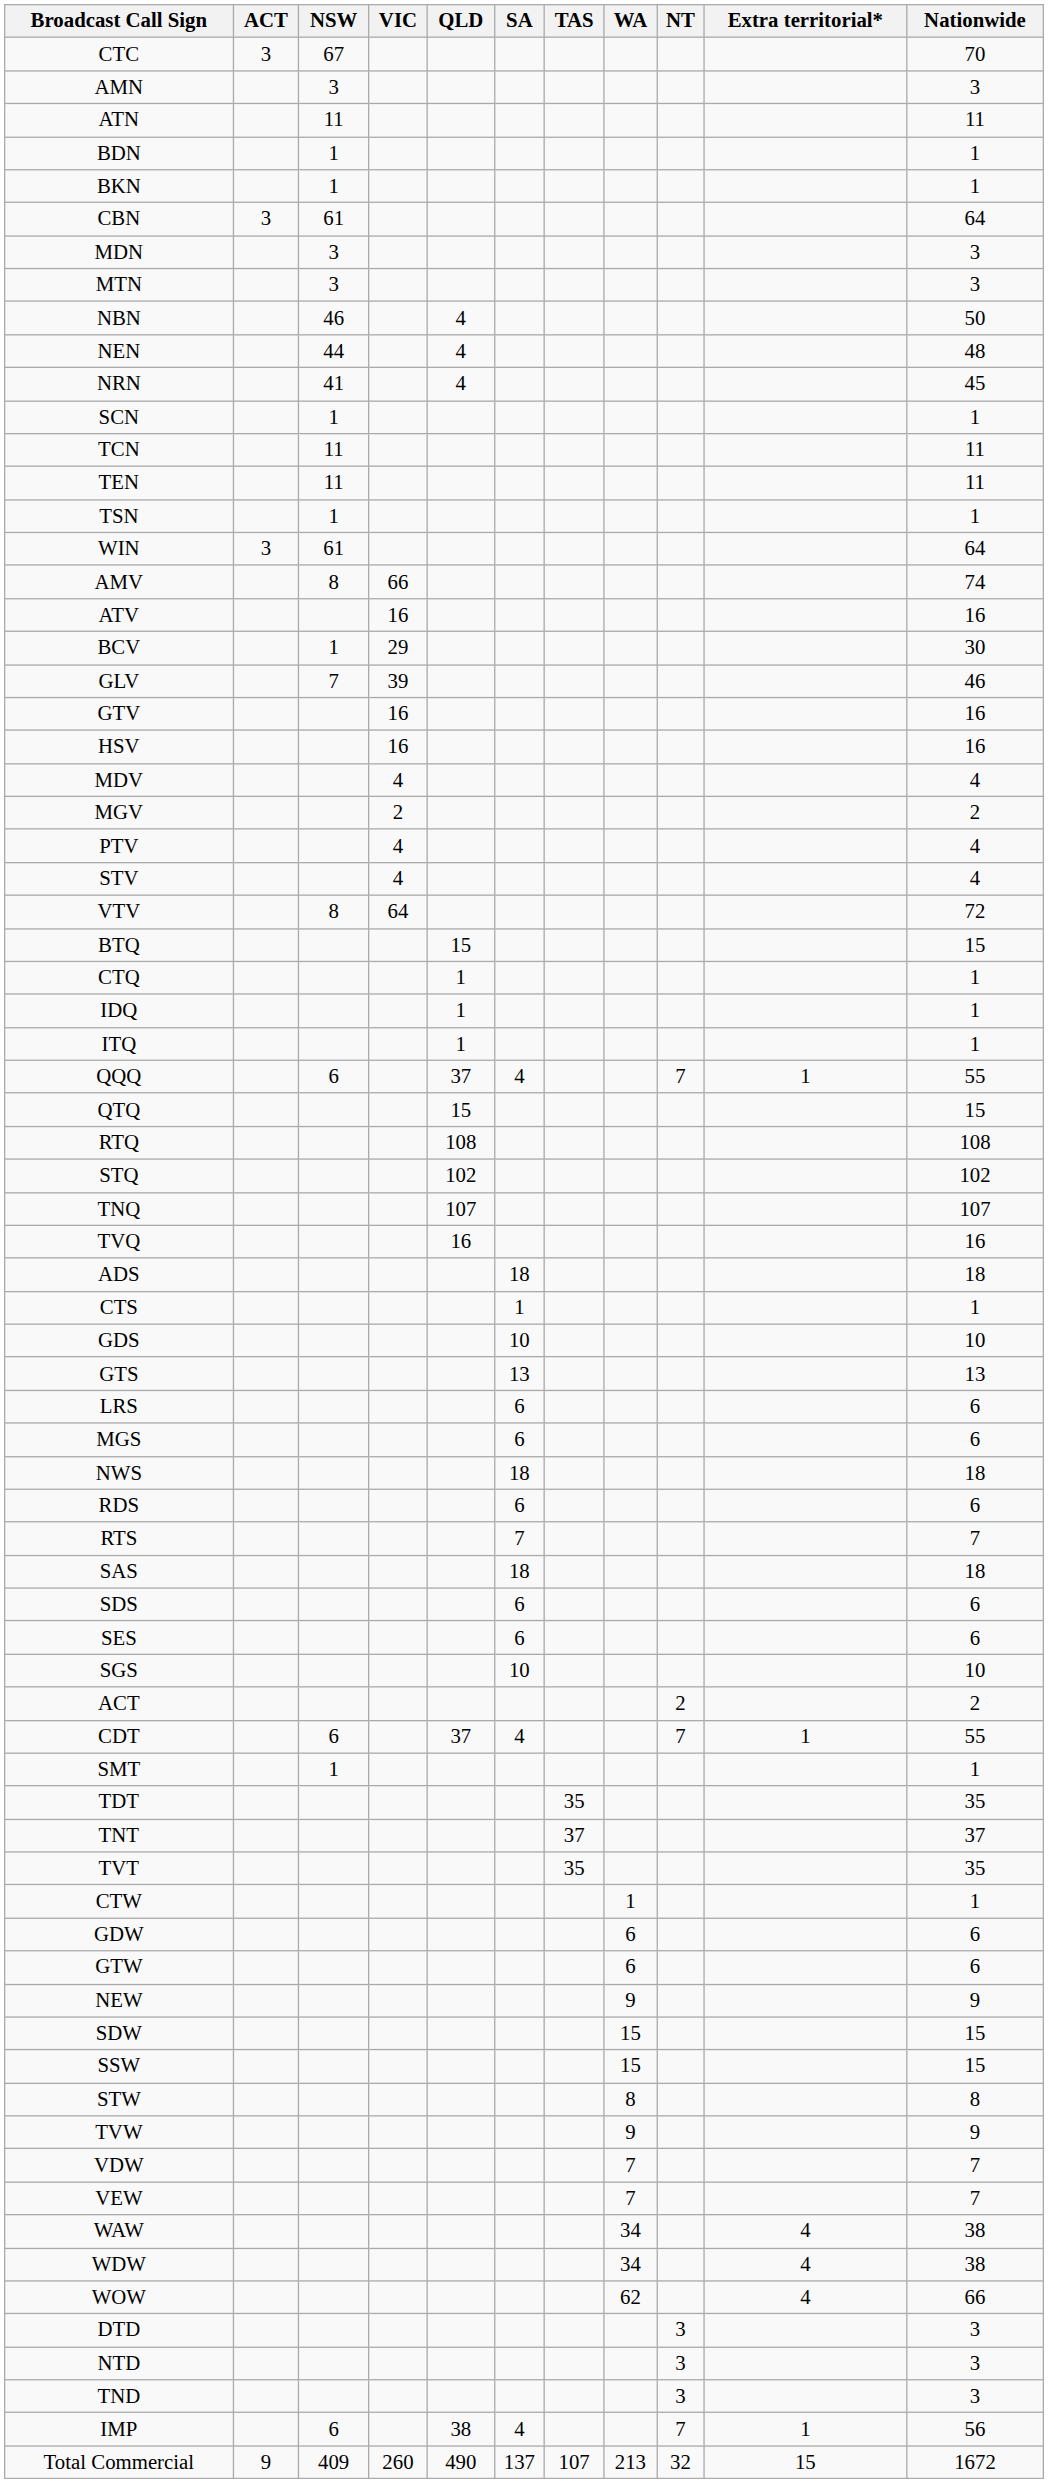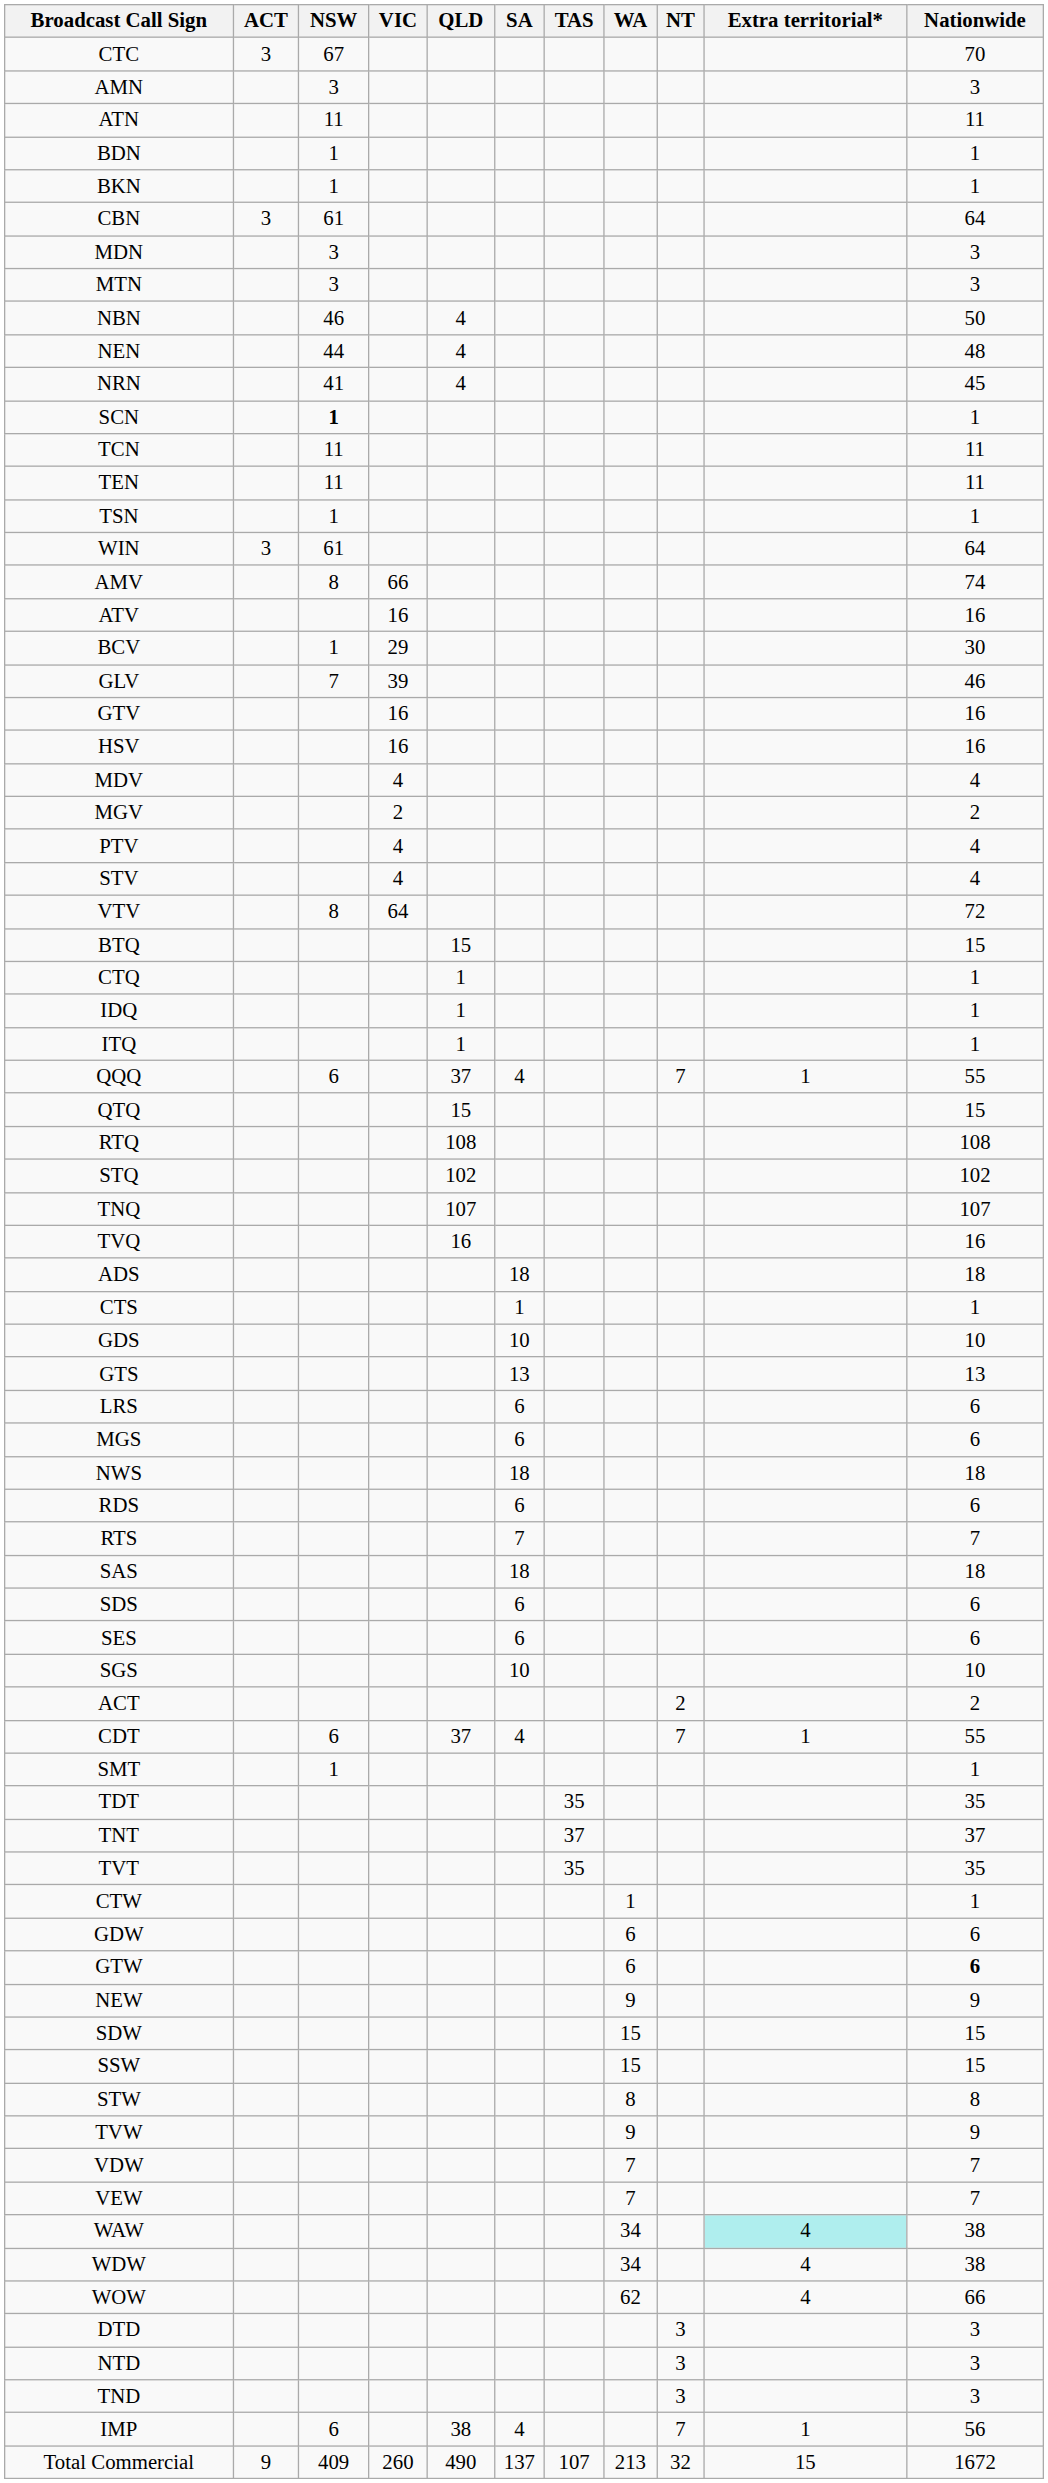 <table class="wikitable" style="text-align:center; width:800px; height:200px">
 <tr>
 <th>Broadcast Call Sign</th>
 <th>ACT</th>
 <th>NSW</th>
 <th>VIC</th>
 <th>QLD</th>
 <th>SA</th>
 <th>TAS</th>
 <th>WA</th>
 <th>NT</th>
 <th>Extra territorial*</th>
 <th>Nationwide</th>
 </tr>
 <tr>
 <td>CTC</td>
 <td>3</td>
 <td>67</td>
 <td></td>
 <td></td>
 <td></td>
 <td></td>
 <td></td>
 <td></td>
 <td></td>
 <td>70</td>
 </tr>
 <tr>
 <td>AMN</td>
 <td></td>
 <td>3</td>
 <td></td>
 <td></td>
 <td></td>
 <td></td>
 <td></td>
 <td></td>
 <td></td>
 <td>3</td>
 </tr>
 <tr>
 <td>ATN</td>
 <td></td>
 <td>11</td>
 <td></td>
 <td></td>
 <td></td>
 <td></td>
 <td></td>
 <td></td>
 <td></td>
 <td>11</td>
 </tr>
 <tr>
 <td>BDN</td>
 <td></td>
 <td>1</td>
 <td></td>
 <td></td>
 <td></td>
 <td></td>
 <td></td>
 <td></td>
 <td></td>
 <td>1</td>
 </tr>
 <tr>
 <td>BKN</td>
 <td></td>
 <td>1</td>
 <td></td>
 <td></td>
 <td></td>
 <td></td>
 <td></td>
 <td></td>
 <td></td>
 <td>1</td>
 </tr>
 <tr>
 <td>CBN</td>
 <td>3</td>
 <td>61</td>
 <td></td>
 <td></td>
 <td></td>
 <td></td>
 <td></td>
 <td></td>
 <td></td>
 <td>64</td>
 </tr>
 <tr>
 <td>MDN</td>
 <td></td>
 <td>3</td>
 <td></td>
 <td></td>
 <td></td>
 <td></td>
 <td></td>
 <td></td>
 <td></td>
 <td>3</td>
 </tr>
 <tr>
 <td>MTN</td>
 <td></td>
 <td>3</td>
 <td></td>
 <td></td>
 <td></td>
 <td></td>
 <td></td>
 <td></td>
 <td></td>
 <td>3</td>
 </tr>
 <tr>
 <td>NBN</td>
 <td></td>
 <td>46</td>
 <td></td>
 <td>4</td>
 <td></td>
 <td></td>
 <td></td>
 <td></td>
 <td></td>
 <td>50</td>
 </tr>
 <tr>
 <td>NEN</td>
 <td></td>
 <td>44</td>
 <td></td>
 <td>4</td>
 <td></td>
 <td></td>
 <td></td>
 <td></td>
 <td></td>
 <td>48</td>
 </tr>
 <tr>
 <td>NRN</td>
 <td></td>
 <td>41</td>
 <td></td>
 <td>4</td>
 <td></td>
 <td></td>
 <td></td>
 <td></td>
 <td></td>
 <td>45</td>
 </tr>
 <tr>
 <td>SCN</td>
 <td></td>
-<td>1</td>
+<td><strong>1</strong></td>
 <td></td>
 <td></td>
 <td></td>
 <td></td>
 <td></td>
 <td></td>
 <td></td>
 <td>1</td>
 </tr>
 <tr>
 <td>TCN</td>
 <td></td>
 <td>11</td>
 <td></td>
 <td></td>
 <td></td>
 <td></td>
 <td></td>
 <td></td>
 <td></td>
 <td>11</td>
 </tr>
 <tr>
 <td>TEN</td>
 <td></td>
 <td>11</td>
 <td></td>
 <td></td>
 <td></td>
 <td></td>
 <td></td>
 <td></td>
 <td></td>
 <td>11</td>
 </tr>
 <tr>
 <td>TSN</td>
 <td></td>
 <td>1</td>
 <td></td>
 <td></td>
 <td></td>
 <td></td>
 <td></td>
 <td></td>
 <td></td>
 <td>1</td>
 </tr>
 <tr>
 <td>WIN</td>
 <td>3</td>
 <td>61</td>
 <td></td>
 <td></td>
 <td></td>
 <td></td>
 <td></td>
 <td></td>
 <td></td>
 <td>64</td>
 </tr>
 <tr>
 <td>AMV</td>
 <td></td>
 <td>8</td>
 <td>66</td>
 <td></td>
 <td></td>
 <td></td>
 <td></td>
 <td></td>
 <td></td>
 <td>74</td>
 </tr>
 <tr>
 <td>ATV</td>
 <td></td>
 <td></td>
 <td>16</td>
 <td></td>
 <td></td>
 <td></td>
 <td></td>
 <td></td>
 <td></td>
 <td>16</td>
 </tr>
 <tr>
 <td>BCV</td>
 <td></td>
 <td>1</td>
 <td>29</td>
 <td></td>
 <td></td>
 <td></td>
 <td></td>
 <td></td>
 <td></td>
 <td>30</td>
 </tr>
 <tr>
 <td>GLV</td>
 <td></td>
 <td>7</td>
 <td>39</td>
 <td></td>
 <td></td>
 <td></td>
 <td></td>
 <td></td>
 <td></td>
 <td>46</td>
 </tr>
 <tr>
 <td>GTV</td>
 <td></td>
 <td></td>
 <td>16</td>
 <td></td>
 <td></td>
 <td></td>
 <td></td>
 <td></td>
 <td></td>
 <td>16</td>
 </tr>
 <tr>
 <td>HSV</td>
 <td></td>
 <td></td>
 <td>16</td>
 <td></td>
 <td></td>
 <td></td>
 <td></td>
 <td></td>
 <td></td>
 <td>16</td>
 </tr>
 <tr>
 <td>MDV</td>
 <td></td>
 <td></td>
 <td>4</td>
 <td></td>
 <td></td>
 <td></td>
 <td></td>
 <td></td>
 <td></td>
 <td>4</td>
 </tr>
 <tr>
 <td>MGV</td>
 <td></td>
 <td></td>
 <td>2</td>
 <td></td>
 <td></td>
 <td></td>
 <td></td>
 <td></td>
 <td></td>
 <td>2</td>
 </tr>
 <tr>
 <td>PTV</td>
 <td></td>
 <td></td>
 <td>4</td>
 <td></td>
 <td></td>
 <td></td>
 <td></td>
 <td></td>
 <td></td>
 <td>4</td>
 </tr>
 <tr>
 <td>STV</td>
 <td></td>
 <td></td>
 <td>4</td>
 <td></td>
 <td></td>
 <td></td>
 <td></td>
 <td></td>
 <td></td>
 <td>4</td>
 </tr>
 <tr>
 <td>VTV</td>
 <td></td>
 <td>8</td>
 <td>64</td>
 <td></td>
 <td></td>
 <td></td>
 <td></td>
 <td></td>
 <td></td>
 <td>72</td>
 </tr>
 <tr>
 <td>BTQ</td>
 <td></td>
 <td></td>
 <td></td>
 <td>15</td>
 <td></td>
 <td></td>
 <td></td>
 <td></td>
 <td></td>
 <td>15</td>
 </tr>
 <tr>
 <td>CTQ</td>
 <td></td>
 <td></td>
 <td></td>
 <td>1</td>
 <td></td>
 <td></td>
 <td></td>
 <td></td>
 <td></td>
 <td>1</td>
 </tr>
 <tr>
 <td>IDQ</td>
 <td></td>
 <td></td>
 <td></td>
 <td>1</td>
 <td></td>
 <td></td>
 <td></td>
 <td></td>
 <td></td>
 <td>1</td>
 </tr>
 <tr>
 <td>ITQ</td>
 <td></td>
 <td></td>
 <td></td>
 <td>1</td>
 <td></td>
 <td></td>
 <td></td>
 <td></td>
 <td></td>
 <td>1</td>
 </tr>
 <tr>
 <td>QQQ</td>
 <td></td>
 <td>6</td>
 <td></td>
 <td>37</td>
 <td>4</td>
 <td></td>
 <td></td>
 <td>7</td>
 <td>1</td>
 <td>55</td>
 </tr>
 <tr>
 <td>QTQ</td>
 <td></td>
 <td></td>
 <td></td>
 <td>15</td>
 <td></td>
 <td></td>
 <td></td>
 <td></td>
 <td></td>
 <td>15</td>
 </tr>
 <tr>
 <td>RTQ</td>
 <td></td>
 <td></td>
 <td></td>
 <td>108</td>
 <td></td>
 <td></td>
 <td></td>
 <td></td>
 <td></td>
 <td>108</td>
 </tr>
 <tr>
 <td>STQ</td>
 <td></td>
 <td></td>
 <td></td>
 <td>102</td>
 <td></td>
 <td></td>
 <td></td>
 <td></td>
 <td></td>
 <td>102</td>
 </tr>
 <tr>
 <td>TNQ</td>
 <td></td>
 <td></td>
 <td></td>
 <td>107</td>
 <td></td>
 <td></td>
 <td></td>
 <td></td>
 <td></td>
 <td>107</td>
 </tr>
 <tr>
 <td>TVQ</td>
 <td></td>
 <td></td>
 <td></td>
 <td>16</td>
 <td></td>
 <td></td>
 <td></td>
 <td></td>
 <td></td>
 <td>16</td>
 </tr>
 <tr>
 <td>ADS</td>
 <td></td>
 <td></td>
 <td></td>
 <td></td>
 <td>18</td>
 <td></td>
 <td></td>
 <td></td>
 <td></td>
 <td>18</td>
 </tr>
 <tr>
 <td>CTS</td>
 <td></td>
 <td></td>
 <td></td>
 <td></td>
 <td>1</td>
 <td></td>
 <td></td>
 <td></td>
 <td></td>
 <td>1</td>
 </tr>
 <tr>
 <td>GDS</td>
 <td></td>
 <td></td>
 <td></td>
 <td></td>
 <td>10</td>
 <td></td>
 <td></td>
 <td></td>
 <td></td>
 <td>10</td>
 </tr>
 <tr>
 <td>GTS</td>
 <td></td>
 <td></td>
 <td></td>
 <td></td>
 <td>13</td>
 <td></td>
 <td></td>
 <td></td>
 <td></td>
 <td>13</td>
 </tr>
 <tr>
 <td>LRS</td>
 <td></td>
 <td></td>
 <td></td>
 <td></td>
 <td>6</td>
 <td></td>
 <td></td>
 <td></td>
 <td></td>
 <td>6</td>
 </tr>
 <tr>
 <td>MGS</td>
 <td></td>
 <td></td>
 <td></td>
 <td></td>
 <td>6</td>
 <td></td>
 <td></td>
 <td></td>
 <td></td>
 <td>6</td>
 </tr>
 <tr>
 <td>NWS</td>
 <td></td>
 <td></td>
 <td></td>
 <td></td>
 <td>18</td>
 <td></td>
 <td></td>
 <td></td>
 <td></td>
 <td>18</td>
 </tr>
 <tr>
 <td>RDS</td>
 <td></td>
 <td></td>
 <td></td>
 <td></td>
 <td>6</td>
 <td></td>
 <td></td>
 <td></td>
 <td></td>
 <td>6</td>
 </tr>
 <tr>
 <td>RTS</td>
 <td></td>
 <td></td>
 <td></td>
 <td></td>
 <td>7</td>
 <td></td>
 <td></td>
 <td></td>
 <td></td>
 <td>7</td>
 </tr>
 <tr>
 <td>SAS</td>
 <td></td>
 <td></td>
 <td></td>
 <td></td>
 <td>18</td>
 <td></td>
 <td></td>
 <td></td>
 <td></td>
 <td>18</td>
 </tr>
 <tr>
 <td>SDS</td>
 <td></td>
 <td></td>
 <td></td>
 <td></td>
 <td>6</td>
 <td></td>
 <td></td>
 <td></td>
 <td></td>
 <td>6</td>
 </tr>
 <tr>
 <td>SES</td>
 <td></td>
 <td></td>
 <td></td>
 <td></td>
 <td>6</td>
 <td></td>
 <td></td>
 <td></td>
 <td></td>
 <td>6</td>
 </tr>
 <tr>
 <td>SGS</td>
 <td></td>
 <td></td>
 <td></td>
 <td></td>
 <td>10</td>
 <td></td>
 <td></td>
 <td></td>
 <td></td>
 <td>10</td>
 </tr>
 <tr>
 <td>ACT</td>
 <td></td>
 <td></td>
 <td></td>
 <td></td>
 <td></td>
 <td></td>
 <td></td>
 <td>2</td>
 <td></td>
 <td>2</td>
 </tr>
 <tr>
 <td>CDT</td>
 <td></td>
 <td>6</td>
 <td></td>
 <td>37</td>
 <td>4</td>
 <td></td>
 <td></td>
 <td>7</td>
 <td>1</td>
 <td>55</td>
 </tr>
 <tr>
 <td>SMT</td>
 <td></td>
 <td>1</td>
 <td></td>
 <td></td>
 <td></td>
 <td></td>
 <td></td>
 <td></td>
 <td></td>
 <td>1</td>
 </tr>
 <tr>
 <td>TDT</td>
 <td></td>
 <td></td>
 <td></td>
 <td></td>
 <td></td>
 <td>35</td>
 <td></td>
 <td></td>
 <td></td>
 <td>35</td>
 </tr>
 <tr>
 <td>TNT</td>
 <td></td>
 <td></td>
 <td></td>
 <td></td>
 <td></td>
 <td>37</td>
 <td></td>
 <td></td>
 <td></td>
 <td>37</td>
 </tr>
 <tr>
 <td>TVT</td>
 <td></td>
 <td></td>
 <td></td>
 <td></td>
 <td></td>
 <td>35</td>
 <td></td>
 <td></td>
 <td></td>
 <td>35</td>
 </tr>
 <tr>
 <td>CTW</td>
 <td></td>
 <td></td>
 <td></td>
 <td></td>
 <td></td>
 <td></td>
 <td>1</td>
 <td></td>
 <td></td>
 <td>1</td>
 </tr>
 <tr>
 <td>GDW</td>
 <td></td>
 <td></td>
 <td></td>
 <td></td>
 <td></td>
 <td></td>
 <td>6</td>
 <td></td>
 <td></td>
 <td>6</td>
 </tr>
 <tr>
 <td>GTW</td>
 <td></td>
 <td></td>
 <td></td>
 <td></td>
 <td></td>
 <td></td>
 <td>6</td>
 <td></td>
 <td></td>
-<td>6</td>
+<td><strong>6</strong></td>
 </tr>
 <tr>
 <td>NEW</td>
 <td></td>
 <td></td>
 <td></td>
 <td></td>
 <td></td>
 <td></td>
 <td>9</td>
 <td></td>
 <td></td>
 <td>9</td>
 </tr>
 <tr>
 <td>SDW</td>
 <td></td>
 <td></td>
 <td></td>
 <td></td>
 <td></td>
 <td></td>
 <td>15</td>
 <td></td>
 <td></td>
 <td>15</td>
 </tr>
 <tr>
 <td>SSW</td>
 <td></td>
 <td></td>
 <td></td>
 <td></td>
 <td></td>
 <td></td>
 <td>15</td>
 <td></td>
 <td></td>
 <td>15</td>
 </tr>
 <tr>
 <td>STW</td>
 <td></td>
 <td></td>
 <td></td>
 <td></td>
 <td></td>
 <td></td>
 <td>8</td>
 <td></td>
 <td></td>
 <td>8</td>
 </tr>
 <tr>
 <td>TVW</td>
 <td></td>
 <td></td>
 <td></td>
 <td></td>
 <td></td>
 <td></td>
 <td>9</td>
 <td></td>
 <td></td>
 <td>9</td>
 </tr>
 <tr>
 <td>VDW</td>
 <td></td>
 <td></td>
 <td></td>
 <td></td>
 <td></td>
 <td></td>
 <td>7</td>
 <td></td>
 <td></td>
 <td>7</td>
 </tr>
 <tr>
 <td>VEW</td>
 <td></td>
 <td></td>
 <td></td>
 <td></td>
 <td></td>
 <td></td>
 <td>7</td>
 <td></td>
 <td></td>
 <td>7</td>
 </tr>
 <tr>
 <td>WAW</td>
 <td></td>
 <td></td>
 <td></td>
 <td></td>
 <td></td>
 <td></td>
 <td>34</td>
 <td></td>
-<td>4</td>
+<td style="background: paleturquoise;">4</td>
 <td>38</td>
 </tr>
 <tr>
 <td>WDW</td>
 <td></td>
 <td></td>
 <td></td>
 <td></td>
 <td></td>
 <td></td>
 <td>34</td>
 <td></td>
 <td>4</td>
 <td>38</td>
 </tr>
 <tr>
 <td>WOW</td>
 <td></td>
 <td></td>
 <td></td>
 <td></td>
 <td></td>
 <td></td>
 <td>62</td>
 <td></td>
 <td>4</td>
 <td>66</td>
 </tr>
 <tr>
 <td>DTD</td>
 <td></td>
 <td></td>
 <td></td>
 <td></td>
 <td></td>
 <td></td>
 <td></td>
 <td>3</td>
 <td></td>
 <td>3</td>
 </tr>
 <tr>
 <td>NTD</td>
 <td></td>
 <td></td>
 <td></td>
 <td></td>
 <td></td>
 <td></td>
 <td></td>
 <td>3</td>
 <td></td>
 <td>3</td>
 </tr>
 <tr>
 <td>TND</td>
 <td></td>
 <td></td>
 <td></td>
 <td></td>
 <td></td>
 <td></td>
 <td></td>
 <td>3</td>
 <td></td>
 <td>3</td>
 </tr>
 <tr>
 <td>IMP</td>
 <td></td>
 <td>6</td>
 <td></td>
 <td>38</td>
 <td>4</td>
 <td></td>
 <td></td>
 <td>7</td>
 <td>1</td>
 <td>56</td>
 </tr>
 <tr>
 <td>Total Commercial</td>
 <td>9</td>
 <td>409</td>
 <td>260</td>
 <td>490</td>
 <td>137</td>
 <td>107</td>
 <td>213</td>
 <td>32</td>
 <td>15</td>
 <td>1672</td>
 </tr>
 <tr>
 </tr>
 </table>
